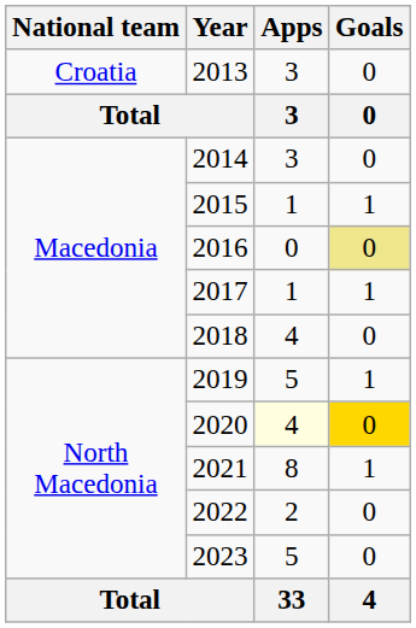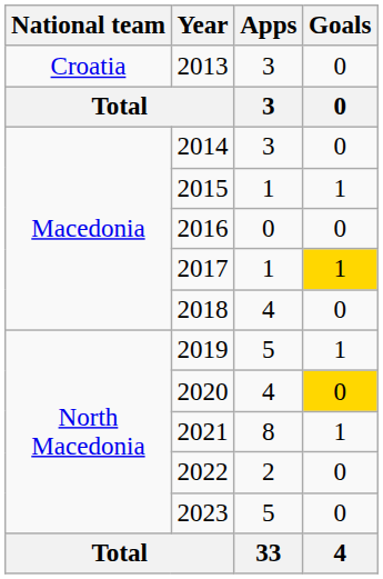 <table class="wikitable" style="text-align:center">
 <tr>
 <th>National team</th>
 <th>Year</th>
 <th>Apps</th>
 <th>Goals</th>
 </tr>
 <tr>
 <td><a href='#'>Croatia</a></td>
 <td>2013</td>
 <td>3</td>
 <td>0</td>
 </tr>
 <tr>
 <th colspan="2">Total</th>
 <th>3</th>
 <th>0</th>
 </tr>
 <tr>
 <td rowspan="5"><a href='#'>Macedonia</a></td>
 <td>2014</td>
 <td>3</td>
 <td>0</td>
 </tr>
 <tr>
 <td>2015</td>
 <td>1</td>
 <td>1</td>
 </tr>
 <tr>
 <td>2016</td>
 <td>0</td>
-<td style="background: khaki;">0</td>
+<td>0</td>
 </tr>
 <tr>
 <td>2017</td>
 <td>1</td>
-<td>1</td>
+<td style="background: gold;">1</td>
 </tr>
 <tr>
 <td>2018</td>
 <td>4</td>
 <td>0</td>
 </tr>
 <tr>
 <td rowspan="5"><a href='#'>North<br>Macedonia</a></td>
 <td>2019</td>
 <td>5</td>
 <td>1</td>
 </tr>
 <tr>
 <td>2020</td>
-<td style="background: lightyellow;">4</td>
+<td>4</td>
 <td style="background: gold;">0</td>
 </tr>
 <tr>
 <td>2021</td>
 <td>8</td>
 <td>1</td>
 </tr>
 <tr>
 <td>2022</td>
 <td>2</td>
 <td>0</td>
 </tr>
 <tr>
 <td>2023</td>
 <td>5</td>
 <td>0</td>
 </tr>
 <tr>
 <th colspan="2">Total</th>
 <th>33</th>
 <th>4</th>
 </tr>
 </table>
